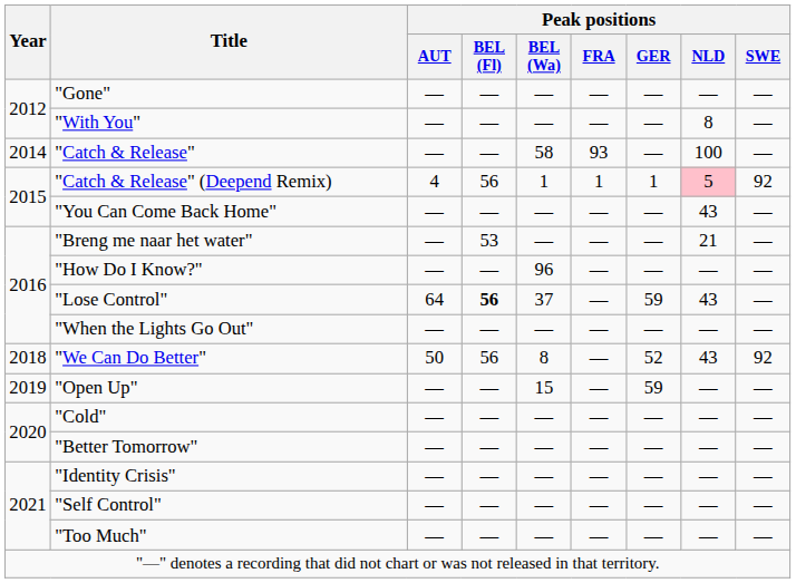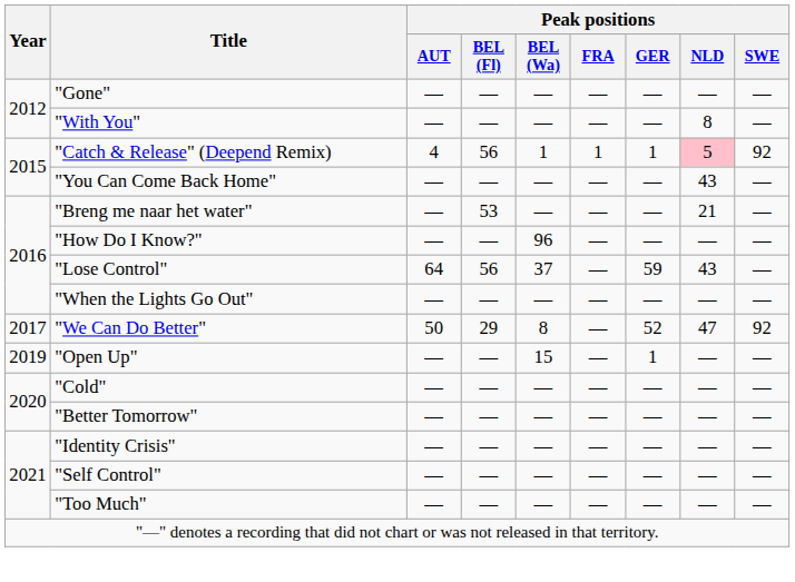 <table class="wikitable" style="text-align:center;">
 <tr>
 <th rowspan="2" width="10">Year</th>
 <th rowspan="2" width="300">Title</th>
 <th colspan="7">Peak positions</th>
 </tr>
 <tr>
 <th scope="col" style="width:3em;font-size:85%;"><a href='#'>AUT</a><br></th>
 <th scope="col" style="width:3em;font-size:85%;"><a href='#'>BEL<br>(Fl)</a><br></th>
 <th scope="col" style="width:3em;font-size:85%;"><a href='#'>BEL<br>(Wa)</a><br></th>
 <th scope="col" style="width:3em;font-size:85%;"><a href='#'>FRA</a><br></th>
 <th scope="col" style="width:3em;font-size:85%;"><a href='#'>GER</a><br></th>
 <th scope="col" style="width:3em;font-size:85%;"><a href='#'>NLD</a><br></th>
 <th scope="col" style="width:3em;font-size:85%;"><a href='#'>SWE</a><br></th>
 </tr>
 <tr>
 <td rowspan="2">2012</td>
 <td align="left">"Gone"</td>
 <td>—</td>
 <td>—</td>
 <td>—</td>
 <td>—</td>
 <td>—</td>
 <td>—</td>
 <td>—</td>
 </tr>
 <tr>
 <td align="left">"<a href='#'>With You</a>"</td>
 <td>—</td>
 <td>—</td>
 <td>—</td>
 <td>—</td>
 <td>—</td>
 <td>8</td>
-<td>—</td>
-</tr>
-<tr>
-<td>2014</td>
-<td align="left">"<a href='#'>Catch & Release</a>"</td>
-<td>—</td>
-<td>—</td>
-<td>58</td>
-<td>93</td>
-<td>—</td>
-<td>100</td>
 <td>—</td>
 </tr>
 <tr>
 <td rowspan="2">2015</td>
 <td align="left">"<a href='#'>Catch & Release</a>" (<a href='#'>Deepend</a> Remix)</td>
 <td>4</td>
 <td>56</td>
 <td>1</td>
 <td>1</td>
 <td>1</td>
 <td style="background: pink;">5</td>
 <td>92</td>
 </tr>
 <tr>
 <td align="left">"You Can Come Back Home"</td>
 <td>—</td>
 <td>—</td>
 <td>—</td>
 <td>—</td>
 <td>—</td>
 <td>43</td>
 <td>—</td>
 </tr>
 <tr>
 <td rowspan="4">2016</td>
 <td align="left">"Breng me naar het water" </td>
 <td>—</td>
 <td>53</td>
 <td>—</td>
 <td>—</td>
 <td>—</td>
 <td>21</td>
 <td>—</td>
 </tr>
 <tr>
 <td align="left">"How Do I Know?" </td>
 <td>—</td>
 <td>—</td>
 <td>96</td>
 <td>—</td>
 <td>—</td>
 <td>—</td>
 <td>—</td>
 </tr>
 <tr>
 <td align="left">"Lose Control"</td>
 <td>64</td>
-<td><strong>56</strong></td>
+<td>56</td>
 <td>37</td>
 <td>—</td>
 <td>59</td>
 <td>43</td>
 <td>—</td>
 </tr>
 <tr>
 <td align="left">"When the Lights Go Out"</td>
 <td>—</td>
 <td>—</td>
 <td>—</td>
 <td>—</td>
 <td>—</td>
 <td>—</td>
 <td>—</td>
 </tr>
 <tr>
-<td>2018</td>
+<td>2017</td>
 <td align="left">"<a href='#'>We Can Do Better</a>"</td>
 <td>50</td>
-<td>56</td>
+<td>29</td>
 <td>8</td>
 <td>—</td>
 <td>52</td>
-<td>43</td>
+<td>47</td>
 <td>92</td>
 </tr>
 <tr>
 <td>2019</td>
 <td align="left">"Open Up"</td>
 <td>—</td>
 <td>—</td>
 <td>15</td>
 <td>—</td>
-<td>59</td>
+<td>1</td>
 <td>—</td>
 <td>—</td>
 </tr>
 <tr>
 <td rowspan="2">2020</td>
 <td align="left">"Cold"</td>
 <td>—</td>
 <td>—</td>
 <td>—</td>
 <td>—</td>
 <td>—</td>
 <td>—</td>
 <td>—</td>
 </tr>
 <tr>
 <td align="left">"Better Tomorrow"</td>
 <td>—</td>
 <td>—</td>
 <td>—</td>
 <td>—</td>
 <td>—</td>
 <td>—</td>
 <td>—</td>
 </tr>
 <tr>
 <td rowspan="3">2021</td>
 <td align="left">"Identity Crisis"</td>
 <td>—</td>
 <td>—</td>
 <td>—</td>
 <td>—</td>
 <td>—</td>
 <td>—</td>
 <td>—</td>
 </tr>
 <tr>
 <td align="left">"Self Control"</td>
 <td>—</td>
 <td>—</td>
 <td>—</td>
 <td>—</td>
 <td>—</td>
 <td>—</td>
 <td>—</td>
 </tr>
 <tr>
 <td align="left">"Too Much"</td>
 <td>—</td>
 <td>—</td>
 <td>—</td>
 <td>—</td>
 <td>—</td>
 <td>—</td>
 <td>—</td>
 </tr>
 <tr>
 <td colspan="9" style="font-size:90%">"—" denotes a recording that did not chart or was not released in that territory.</td>
 </tr>
 </table>
